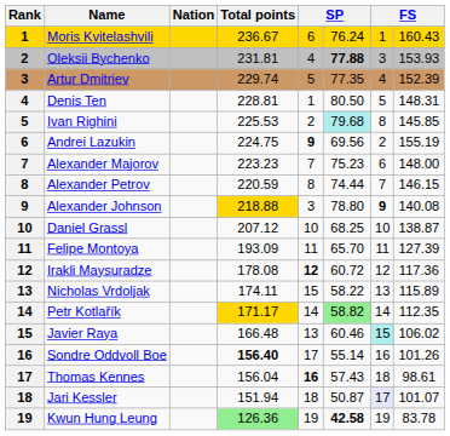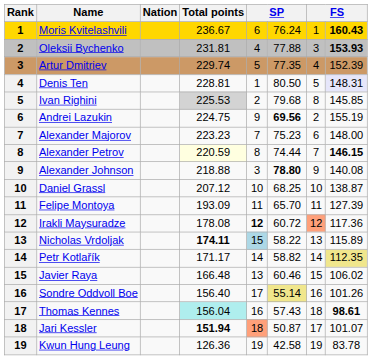 <table class="wikitable sortable">
 <tr>
 <th>Rank</th>
 <th>Name</th>
 <th>Nation</th>
 <th>Total points</th>
 <th colspan="2" width="80px"><a href='#'>SP</a></th>
 <th colspan="2" width="80px"><a href='#'>FS</a></th>
 </tr>
 <tr bgcolor="gold">
 <td align="center"><strong>1</strong></td>
 <td><a href='#'>Moris Kvitelashvili</a></td>
 <td></td>
 <td align="center">236.67</td>
 <td align="center">6</td>
 <td align="center">76.24</td>
 <td align="center">1</td>
-<td align="center">160.43</td>
+<td align="center"><strong>160.43</strong></td>
 </tr>
 <tr bgcolor="silver">
 <td align="center"><strong>2</strong></td>
 <td><a href='#'>Oleksii Bychenko</a></td>
 <td></td>
 <td align="center">231.81</td>
 <td align="center">4</td>
-<td align="center"><strong>77.88</strong></td>
+<td align="center">77.88</td>
 <td align="center">3</td>
-<td align="center">153.93</td>
+<td align="center"><strong>153.93</strong></td>
 </tr>
 <tr bgcolor="cc9966">
 <td align="center"><strong>3</strong></td>
 <td><a href='#'>Artur Dmitriev</a></td>
 <td></td>
 <td align="center">229.74</td>
 <td align="center">5</td>
 <td align="center">77.35</td>
 <td align="center">4</td>
 <td align="center">152.39</td>
 </tr>
 <tr>
 <th>4</th>
 <td><a href='#'>Denis Ten</a></td>
 <td></td>
 <td align="center">228.81</td>
 <td align="center">1</td>
 <td align="center">80.50</td>
 <td align="center">5</td>
-<td align="center">148.31</td>
+<td align="center" style="background: lavender;">148.31</td>
 </tr>
 <tr>
 <th>5</th>
 <td><a href='#'>Ivan Righini</a></td>
 <td></td>
-<td align="center">225.53</td>
+<td align="center" style="background: lightgrey;">225.53</td>
 <td align="center">2</td>
-<td align="center" style="background: paleturquoise;">79.68</td>
+<td align="center">79.68</td>
 <td align="center">8</td>
 <td align="center">145.85</td>
 </tr>
 <tr>
 <th>6</th>
 <td><a href='#'>Andrei Lazukin</a></td>
 <td></td>
 <td align="center">224.75</td>
-<td align="center"><strong>9</strong></td>
-<td align="center">69.56</td>
+<td align="center">9</td>
+<td align="center"><strong>69.56</strong></td>
 <td align="center">2</td>
 <td align="center">155.19</td>
 </tr>
 <tr>
 <th>7</th>
 <td><a href='#'>Alexander Majorov</a></td>
 <td></td>
 <td align="center">223.23</td>
 <td align="center">7</td>
 <td align="center">75.23</td>
 <td align="center">6</td>
 <td align="center">148.00</td>
 </tr>
 <tr>
 <th>8</th>
 <td><a href='#'>Alexander Petrov</a></td>
 <td></td>
-<td align="center">220.59</td>
+<td align="center" style="background: lightyellow;">220.59</td>
 <td align="center">8</td>
 <td align="center">74.44</td>
 <td align="center">7</td>
-<td align="center">146.15</td>
+<td align="center"><strong>146.15</strong></td>
 </tr>
 <tr>
 <th>9</th>
 <td><a href='#'>Alexander Johnson</a></td>
 <td></td>
-<td align="center" style="background: gold;">218.88</td>
+<td align="center">218.88</td>
 <td align="center">3</td>
-<td align="center">78.80</td>
-<td align="center"><strong>9</strong></td>
+<td align="center"><strong>78.80</strong></td>
+<td align="center">9</td>
 <td align="center">140.08</td>
 </tr>
 <tr>
 <th>10</th>
 <td><a href='#'>Daniel Grassl</a></td>
 <td></td>
 <td align="center">207.12</td>
 <td align="center">10</td>
 <td align="center">68.25</td>
 <td align="center">10</td>
 <td align="center">138.87</td>
 </tr>
 <tr>
 <th>11</th>
 <td><a href='#'>Felipe Montoya</a></td>
 <td></td>
 <td align="center">193.09</td>
 <td align="center">11</td>
 <td align="center">65.70</td>
 <td align="center">11</td>
 <td align="center">127.39</td>
 </tr>
 <tr>
 <th>12</th>
 <td><a href='#'>Irakli Maysuradze</a></td>
 <td></td>
 <td align="center">178.08</td>
 <td align="center"><strong>12</strong></td>
 <td align="center">60.72</td>
-<td align="center">12</td>
+<td align="center" style="background: lightsalmon;">12</td>
 <td align="center">117.36</td>
 </tr>
 <tr>
 <th>13</th>
 <td><a href='#'>Nicholas Vrdoljak</a></td>
 <td></td>
-<td align="center">174.11</td>
-<td align="center">15</td>
+<td align="center"><strong>174.11</strong></td>
+<td align="center" style="background: lightblue;">15</td>
 <td align="center">58.22</td>
 <td align="center">13</td>
 <td align="center">115.89</td>
 </tr>
 <tr>
 <th>14</th>
 <td><a href='#'>Petr Kotlařík</a></td>
 <td></td>
-<td align="center" style="background: gold;">171.17</td>
+<td align="center">171.17</td>
 <td align="center">14</td>
-<td align="center" style="background: lightgreen;">58.82</td>
+<td align="center">58.82</td>
 <td align="center">14</td>
-<td align="center">112.35</td>
+<td align="center" style="background: khaki;">112.35</td>
 </tr>
 <tr>
 <th>15</th>
 <td><a href='#'>Javier Raya</a></td>
 <td></td>
 <td align="center">166.48</td>
 <td align="center">13</td>
 <td align="center">60.46</td>
-<td align="center" style="background: paleturquoise;">15</td>
+<td align="center">15</td>
 <td align="center">106.02</td>
 </tr>
 <tr>
 <th>16</th>
 <td><a href='#'>Sondre Oddvoll Boe</a></td>
 <td></td>
-<td align="center"><strong>156.40</strong></td>
+<td align="center">156.40</td>
 <td align="center">17</td>
-<td align="center">55.14</td>
+<td align="center" style="background: khaki;">55.14</td>
 <td align="center">16</td>
 <td align="center">101.26</td>
 </tr>
 <tr>
 <th>17</th>
 <td><a href='#'>Thomas Kennes</a></td>
 <td></td>
-<td align="center">156.04</td>
-<td align="center"><strong>16</strong></td>
+<td align="center" style="background: paleturquoise;">156.04</td>
+<td align="center">16</td>
 <td align="center">57.43</td>
 <td align="center">18</td>
-<td align="center">98.61</td>
+<td align="center"><strong>98.61</strong></td>
 </tr>
 <tr>
 <th>18</th>
 <td><a href='#'>Jari Kessler</a></td>
 <td></td>
-<td align="center">151.94</td>
-<td align="center">18</td>
+<td align="center"><strong>151.94</strong></td>
+<td align="center" style="background: lightsalmon;">18</td>
 <td align="center">50.87</td>
-<td align="center" style="background: lavender;">17</td>
+<td align="center">17</td>
 <td align="center">101.07</td>
 </tr>
 <tr>
 <th>19</th>
 <td><a href='#'>Kwun Hung Leung</a></td>
 <td></td>
-<td align="center" style="background: lightgreen;">126.36</td>
+<td align="center">126.36</td>
 <td align="center">19</td>
-<td align="center"><strong>42.58</strong></td>
+<td align="center">42.58</td>
 <td align="center">19</td>
 <td align="center">83.78</td>
 </tr>
 </table>
